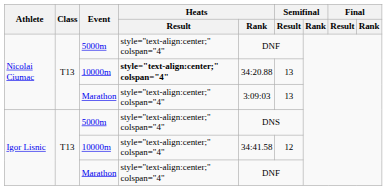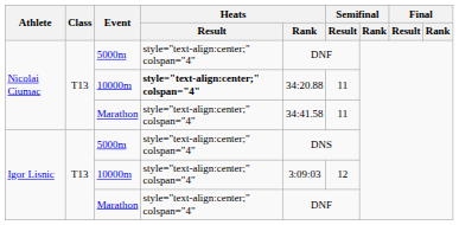 <table class=wikitable style="font-size:90%">
 <tr>
 <th rowspan="2">Athlete</th>
 <th rowspan="2">Class</th>
 <th rowspan="2">Event</th>
 <th colspan="2">Heats</th>
 <th colspan="2">Semifinal</th>
 <th colspan="2">Final</th>
 </tr>
 <tr>
 <th>Result</th>
 <th>Rank</th>
 <th>Result</th>
 <th>Rank</th>
 <th>Result</th>
 <th>Rank</th>
 </tr>
 <tr>
 <td rowspan="3"><a href='#'>Nicolai Ciumac</a></td>
 <td rowspan="3" style="text-align:center;">T13</td>
 <td><a href='#'>5000m</a></td>
 <td>style="text-align:center;" colspan="4" </td>
 <td style="text-align:center;" colspan="2">DNF</td>
 </tr>
 <tr>
 <td><a href='#'>10000m</a></td>
 <td><strong>style="text-align:center;" colspan="4" </strong></td>
 <td style="text-align:center;">34:20.88</td>
-<td style="text-align:center;">13</td>
+<td style="text-align:center;">11</td>
 </tr>
 <tr>
 <td><a href='#'>Marathon</a></td>
 <td>style="text-align:center;" colspan="4" </td>
-<td style="text-align:center;">3:09:03</td>
-<td style="text-align:center;">13</td>
+<td style="text-align:center;">34:41.58</td>
+<td style="text-align:center;">11</td>
 </tr>
 <tr>
 <td rowspan="3"><a href='#'>Igor Lisnic</a></td>
 <td rowspan="3" style="text-align:center;">T13</td>
 <td><a href='#'>5000m</a></td>
 <td>style="text-align:center;" colspan="4" </td>
 <td style="text-align:center;" colspan="2">DNS</td>
 </tr>
 <tr>
 <td><a href='#'>10000m</a></td>
 <td>style="text-align:center;" colspan="4" </td>
-<td style="text-align:center;">34:41.58</td>
+<td style="text-align:center;">3:09:03</td>
 <td style="text-align:center;">12</td>
 </tr>
 <tr>
 <td><a href='#'>Marathon</a></td>
 <td>style="text-align:center;" colspan="4" </td>
 <td style="text-align:center;" colspan="2">DNF</td>
 </tr>
 </table>
